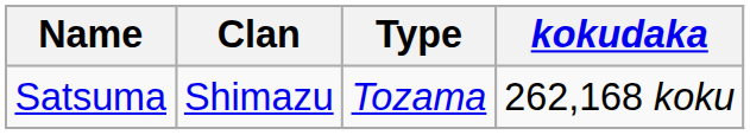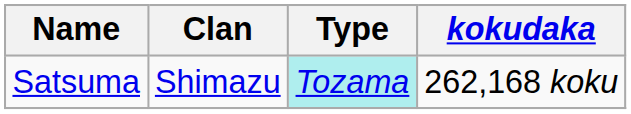 <table class="wikitable">
 <tr>
 <th>Name</th>
 <th>Clan</th>
 <th>Type</th>
 <th><em><a href='#'>kokudaka</a></em></th>
 </tr>
 <tr>
 <td> <a href='#'>Satsuma</a></td>
 <td><a href='#'>Shimazu</a></td>
-<td><em><a href='#'>Tozama</a></em></td>
+<td style="background: paleturquoise;"><em><a href='#'>Tozama</a></em></td>
 <td>262,168 <em>koku</em></td>
 </tr>
 <tr>
 </tr>
 </table>
